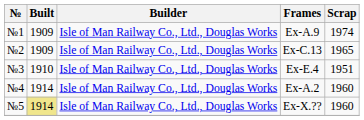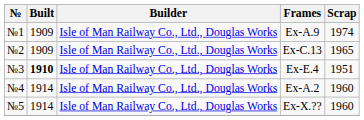 <table class="wikitable">
 <tr>
 <th>№</th>
 <th>Built</th>
 <th>Builder</th>
 <th>Frames</th>
 <th>Scrap</th>
 </tr>
 <tr>
 <td align="center">№1</td>
 <td align="center">1909</td>
 <td align="center"><a href='#'>Isle of Man Railway Co., Ltd., Douglas Works</a></td>
 <td align="center">Ex-A.9</td>
 <td align="center">1974</td>
 </tr>
 <tr>
 <td align="center">№2</td>
 <td align="center">1909</td>
 <td align="center"><a href='#'>Isle of Man Railway Co., Ltd., Douglas Works</a></td>
 <td align="center">Ex-C.13</td>
 <td align="center">1965</td>
 </tr>
 <tr>
 <td align="center">№3</td>
-<td align="center">1910</td>
+<td align="center"><strong>1910</strong></td>
 <td align="center"><a href='#'>Isle of Man Railway Co., Ltd., Douglas Works</a></td>
 <td align="center">Ex-E.4</td>
 <td align="center">1951</td>
 </tr>
 <tr>
 <td align="center">№4</td>
 <td align="center">1914</td>
 <td align="center"><a href='#'>Isle of Man Railway Co., Ltd., Douglas Works</a></td>
 <td align="center">Ex-A.2</td>
 <td align="center">1960</td>
 </tr>
 <tr>
 <td align="center">№5</td>
-<td align="center" style="background: khaki;">1914</td>
+<td align="center">1914</td>
 <td align="center"><a href='#'>Isle of Man Railway Co., Ltd., Douglas Works</a></td>
 <td align="center">Ex-X.??</td>
 <td align="center">1960</td>
 </tr>
 <tr>
 </tr>
 </table>
